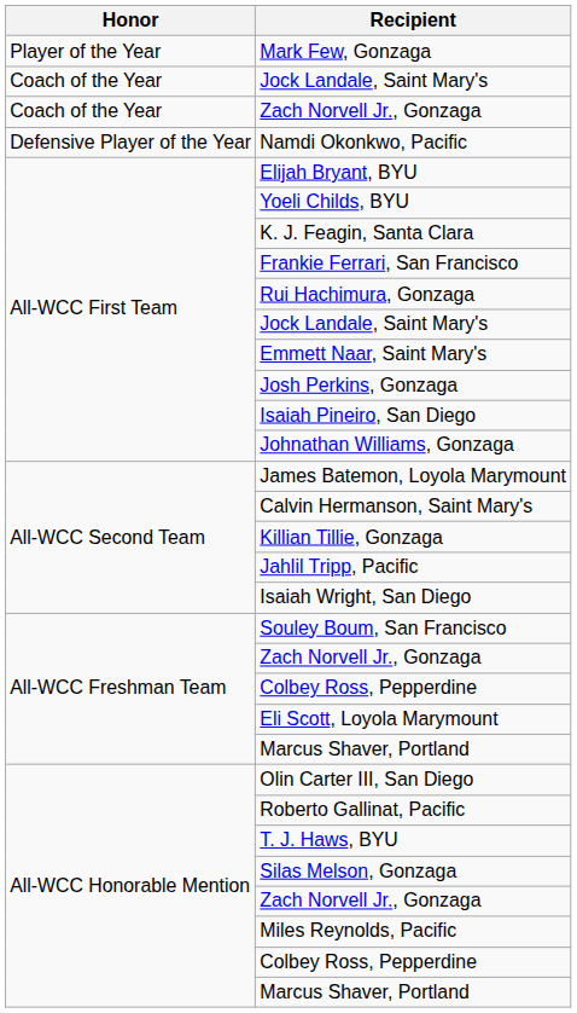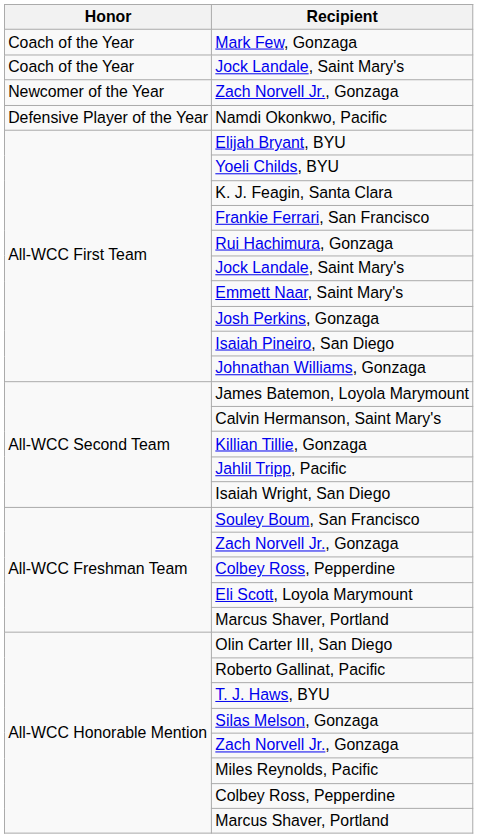 <table class="wikitable" border="1">
 <tr>
 <th>Honor</th>
 <th>Recipient</th>
 </tr>
 <tr>
-<td>Player of the Year</td>
+<td>Coach of the Year</td>
 <td><a href='#'>Mark Few</a>, Gonzaga</td>
 </tr>
 <tr>
 <td>Coach of the Year</td>
 <td><a href='#'>Jock Landale</a>, Saint Mary's</td>
 </tr>
 <tr>
-<td>Coach of the Year</td>
+<td>Newcomer of the Year</td>
 <td><a href='#'>Zach Norvell Jr.</a>, Gonzaga</td>
 </tr>
 <tr>
 <td>Defensive Player of the Year</td>
 <td>Namdi Okonkwo, Pacific</td>
 </tr>
 <tr>
 <td rowspan=10 valign=middle>All-WCC First Team</td>
 <td><a href='#'>Elijah Bryant</a>, BYU</td>
 </tr>
 <tr>
 <td><a href='#'>Yoeli Childs</a>, BYU</td>
 </tr>
 <tr>
 <td>K. J. Feagin, Santa Clara</td>
 </tr>
 <tr>
 <td><a href='#'>Frankie Ferrari</a>, San Francisco</td>
 </tr>
 <tr>
 <td><a href='#'>Rui Hachimura</a>, Gonzaga</td>
 </tr>
 <tr>
 <td><a href='#'>Jock Landale</a>, Saint Mary's</td>
 </tr>
 <tr>
 <td><a href='#'>Emmett Naar</a>, Saint Mary's</td>
 </tr>
 <tr>
 <td><a href='#'>Josh Perkins</a>, Gonzaga</td>
 </tr>
 <tr>
 <td><a href='#'>Isaiah Pineiro</a>, San Diego</td>
 </tr>
 <tr>
 <td><a href='#'>Johnathan Williams</a>, Gonzaga</td>
 </tr>
 <tr>
 <td rowspan=5 valign=middle>All-WCC Second Team</td>
 <td>James Batemon, Loyola Marymount</td>
 </tr>
 <tr>
 <td>Calvin Hermanson, Saint Mary's</td>
 </tr>
 <tr>
 <td><a href='#'>Killian Tillie</a>, Gonzaga</td>
 </tr>
 <tr>
 <td><a href='#'>Jahlil Tripp</a>, Pacific</td>
 </tr>
 <tr>
 <td>Isaiah Wright, San Diego</td>
 </tr>
 <tr>
 <td rowspan=5 valign=middle>All-WCC Freshman Team</td>
 <td><a href='#'>Souley Boum</a>, San Francisco</td>
 </tr>
 <tr>
 <td><a href='#'>Zach Norvell Jr.</a>, Gonzaga</td>
 </tr>
 <tr>
 <td><a href='#'>Colbey Ross</a>, Pepperdine</td>
 </tr>
 <tr>
 <td><a href='#'>Eli Scott</a>, Loyola Marymount</td>
 </tr>
 <tr>
 <td>Marcus Shaver, Portland</td>
 </tr>
 <tr>
 <td rowspan=10 valign=middle>All-WCC Honorable Mention</td>
 <td>Olin Carter III, San Diego</td>
 </tr>
 <tr>
 <td>Roberto Gallinat, Pacific</td>
 </tr>
 <tr>
 <td><a href='#'>T. J. Haws</a>, BYU</td>
 </tr>
 <tr>
 <td><a href='#'>Silas Melson</a>, Gonzaga</td>
 </tr>
 <tr>
 <td><a href='#'>Zach Norvell Jr.</a>, Gonzaga</td>
 </tr>
 <tr>
 <td>Miles Reynolds, Pacific</td>
 </tr>
 <tr>
 <td>Colbey Ross, Pepperdine</td>
 </tr>
 <tr>
 <td>Marcus Shaver, Portland</td>
 </tr>
 </table>
